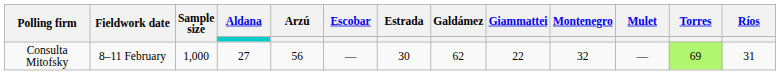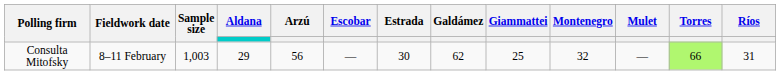 <table class="wikitable sortable" style="text-align:center;font-size:90%;line-height:14px;">
 <tr style="height:40px;">
 <th style="width:100px;" rowspan="2">Polling firm</th>
 <th style="width:100px;" rowspan="2">Fieldwork date</th>
 <th style="width:30px;" rowspan="2">Sample size</th>
 <th class="unsortable" style="width:60px;"><a href='#'>Aldana</a><br></th>
 <th class="unsortable" style="width:60px;">Arzú<br></th>
 <th class="unsortable" style="width:60px;"><a href='#'>Escobar</a><br></th>
 <th class="unsortable" style="width:60px;">Estrada<br></th>
 <th class="unsortable" style="width:60px;">Galdámez<br></th>
 <th class="unsortable" style="width:60px;"><a href='#'>Giammattei</a><br></th>
 <th class="unsortable" style="width:60px;"><a href='#'>Montenegro</a><br></th>
 <th class="unsortable" style="width:60px;"><a href='#'>Mulet</a><br></th>
 <th class="unsortable" style="width:60px;"><a href='#'>Torres</a><br></th>
 <th class="unsortable" style="width:60px;"><a href='#'>Ríos</a><br></th>
 </tr>
 <tr>
 <th style="background:#00CCC9;"></th>
 <th style="background:"></th>
 <th style="background:"></th>
 <th style="background:"></th>
 <th style="background:"></th>
 <th style="background:"></th>
 <th style="background:"></th>
 <th style="background:"></th>
 <th style="background:"></th>
 <th style="background:"></th>
 </tr>
 <tr>
 <td>Consulta Mitofsky</td>
 <td>8–11 February</td>
-<td>1,000</td>
-<td>27</td>
+<td>1,003</td>
+<td>29</td>
 <td>56</td>
 <td>—</td>
 <td>30</td>
 <td>62</td>
-<td>22</td>
+<td>25</td>
 <td>32</td>
 <td>—</td>
-<td style="background:#b0f76f;">69</td>
+<td style="background:#b0f76f;">66</td>
 <td>31</td>
 </tr>
 </table>
